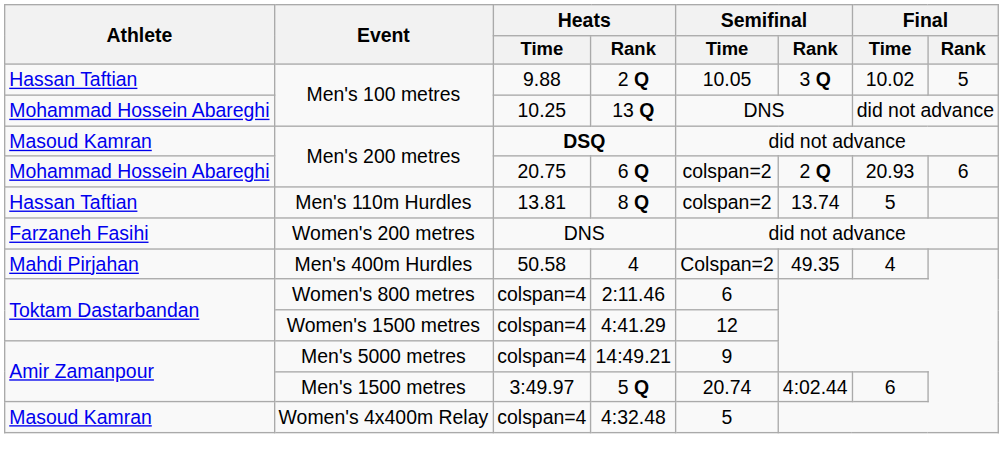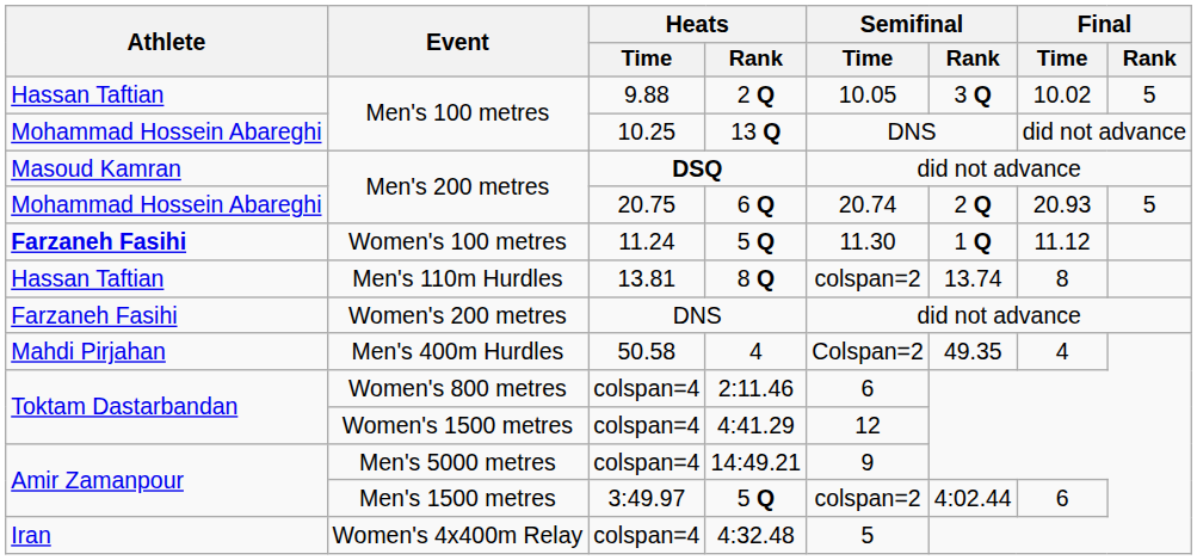 <table class=wikitable style=font-size:90%;text-align:center>
 <tr>
 <th rowspan=2>Athlete</th>
 <th rowspan=2>Event</th>
 <th colspan=2>Heats</th>
 <th colspan=2>Semifinal</th>
 <th colspan=2>Final</th>
 </tr>
 <tr style=font-size:95%>
 <th>Time</th>
 <th>Rank</th>
 <th>Time</th>
 <th>Rank</th>
 <th>Time</th>
 <th>Rank</th>
 </tr>
 <tr>
 <td align=left><a href='#'>Hassan Taftian</a></td>
 <td rowspan=2>Men's 100 metres</td>
 <td>9.88</td>
 <td>2 <strong>Q</strong></td>
 <td>10.05</td>
 <td>3 <strong>Q</strong></td>
 <td>10.02</td>
 <td>5</td>
 </tr>
 <tr>
 <td align=left><a href='#'>Mohammad Hossein Abareghi</a></td>
 <td>10.25</td>
 <td>13 <strong>Q</strong></td>
 <td colspan=2>DNS</td>
 <td colspan=2>did not advance</td>
 </tr>
 <tr>
 <td align=left><a href='#'>Masoud Kamran</a></td>
 <td rowspan=2>Men's 200 metres</td>
 <td colspan=2><strong>DSQ</strong></td>
 <td colspan=4>did not advance</td>
 </tr>
 <tr>
 <td align=left><a href='#'>Mohammad Hossein Abareghi</a></td>
 <td>20.75</td>
 <td>6 <strong>Q</strong></td>
-<td>colspan=2 </td>
+<td>20.74</td>
 <td>2 <strong>Q</strong></td>
 <td>20.93</td>
-<td>6</td>
+<td>5</td>
+</tr>
+<tr>
+<td align=left><strong><a href='#'>Farzaneh Fasihi</a></strong></td>
+<td>Women's 100 metres</td>
+<td>11.24</td>
+<td>5 <strong>Q</strong></td>
+<td>11.30</td>
+<td>1 <strong>Q</strong></td>
+<td>11.12</td>
+<td></td>
 </tr>
 <tr>
 <td align=left><a href='#'>Hassan Taftian</a></td>
 <td>Men's 110m Hurdles</td>
 <td>13.81</td>
 <td>8 <strong>Q</strong></td>
 <td>colspan=2 </td>
 <td>13.74</td>
-<td>5</td>
+<td>8</td>
 </tr>
 <tr>
 <td align=left><a href='#'>Farzaneh Fasihi</a></td>
 <td>Women's 200 metres</td>
 <td colspan=2>DNS</td>
 <td colspan=4>did not advance</td>
 </tr>
 <tr>
 <td align=left><a href='#'>Mahdi Pirjahan</a></td>
 <td>Men's 400m Hurdles</td>
 <td>50.58</td>
 <td>4</td>
 <td>Colspan=2 </td>
 <td>49.35</td>
 <td>4</td>
 </tr>
 <tr>
 <td align=left rowspan=2><a href='#'>Toktam Dastarbandan</a></td>
 <td>Women's 800 metres</td>
 <td>colspan=4 </td>
 <td>2:11.46</td>
 <td>6</td>
 </tr>
 <tr>
 <td>Women's 1500 metres</td>
 <td>colspan=4 </td>
 <td>4:41.29</td>
 <td>12</td>
 </tr>
 <tr>
 <td align=left rowspan=2><a href='#'>Amir Zamanpour</a></td>
 <td>Men's 5000 metres</td>
 <td>colspan=4 </td>
 <td>14:49.21</td>
 <td>9</td>
 </tr>
 <tr>
 <td>Men's 1500 metres</td>
 <td>3:49.97</td>
 <td>5 <strong>Q</strong></td>
-<td>20.74</td>
+<td>colspan=2 </td>
 <td>4:02.44</td>
 <td>6</td>
 </tr>
 <tr>
-<td align=left><a href='#'>Masoud Kamran</a></td>
+<td align=left><a href='#'>Iran</a></td>
 <td>Women's 4x400m Relay</td>
 <td>colspan=4 </td>
 <td>4:32.48</td>
 <td>5</td>
 </tr>
 </table>
